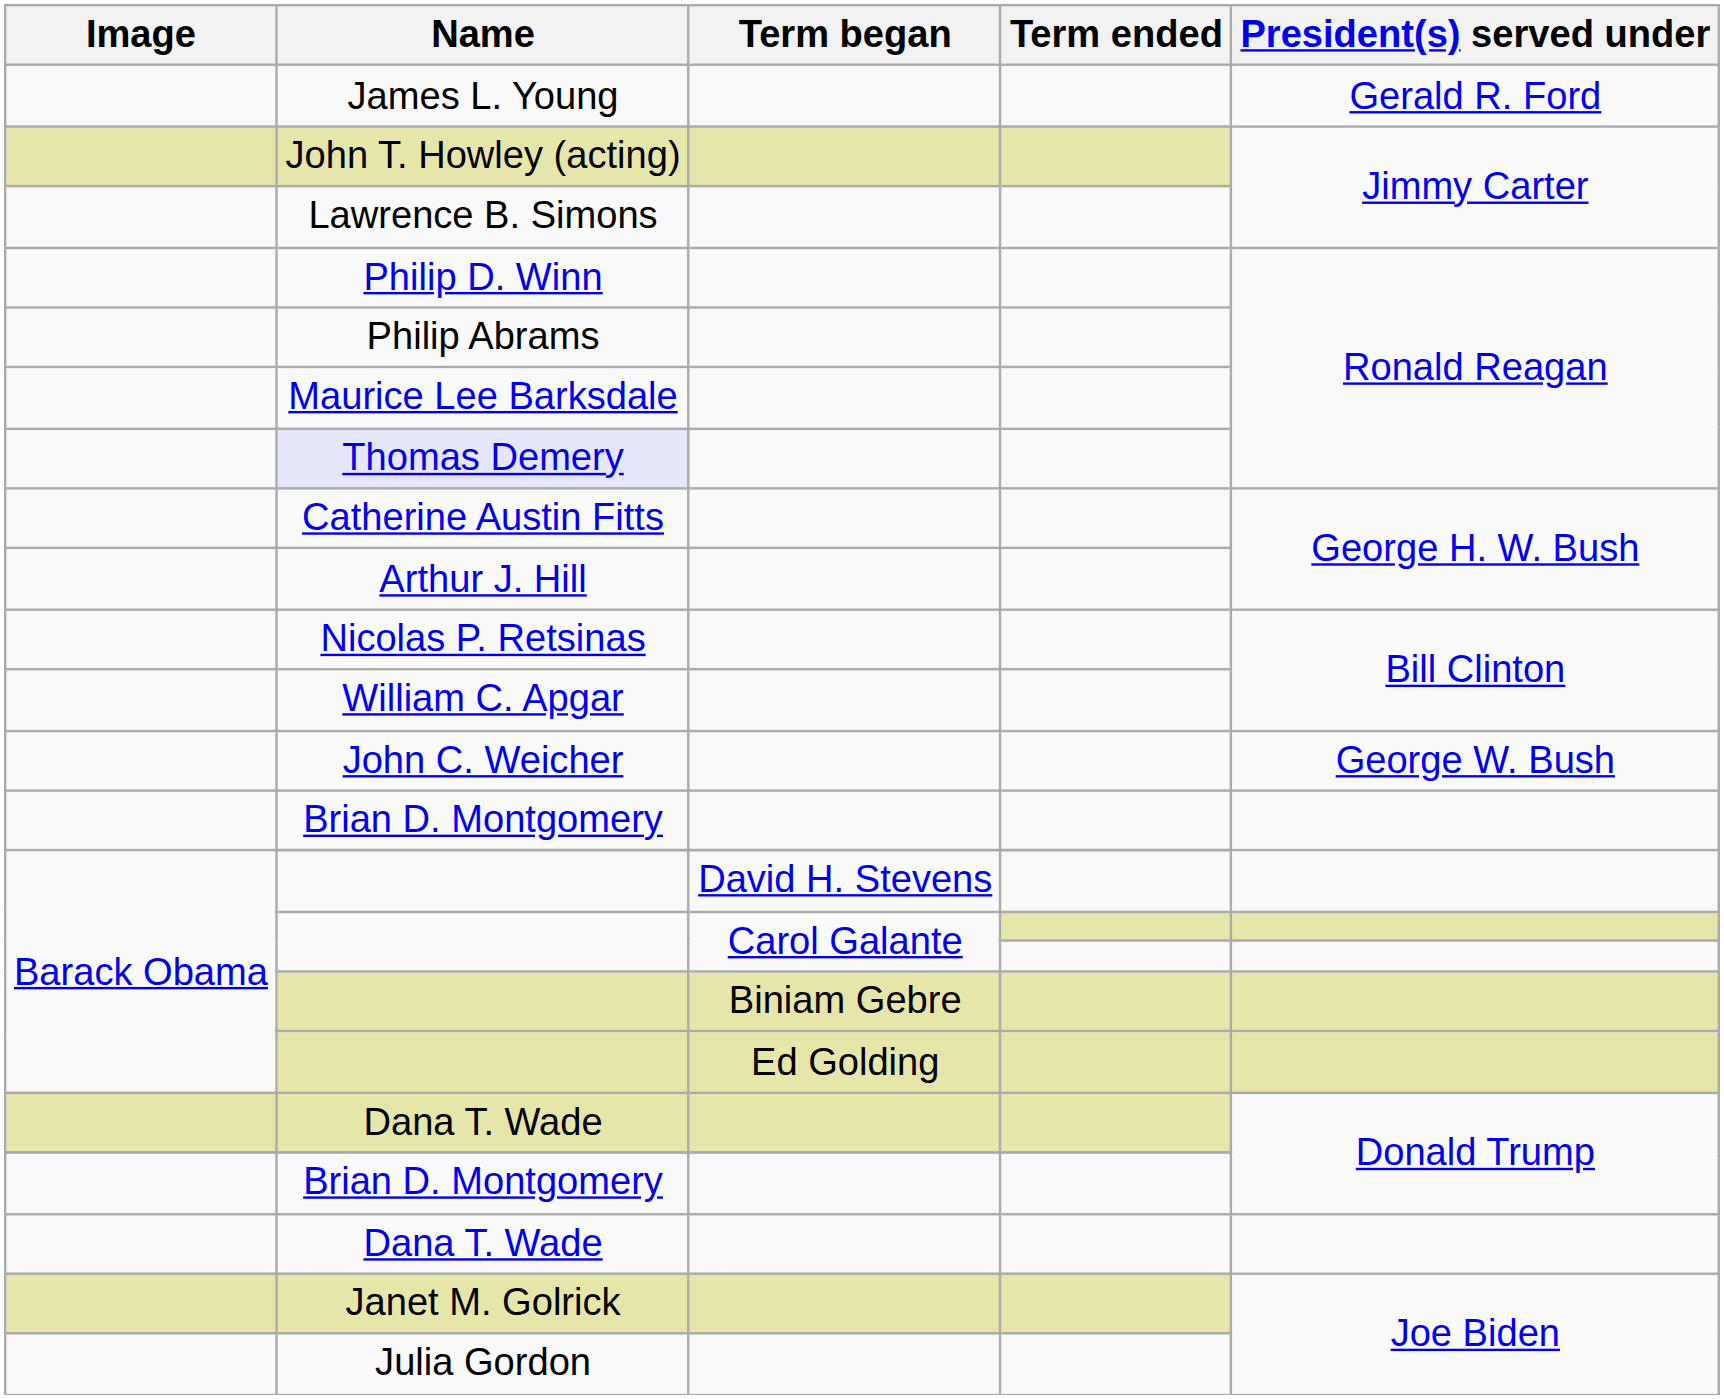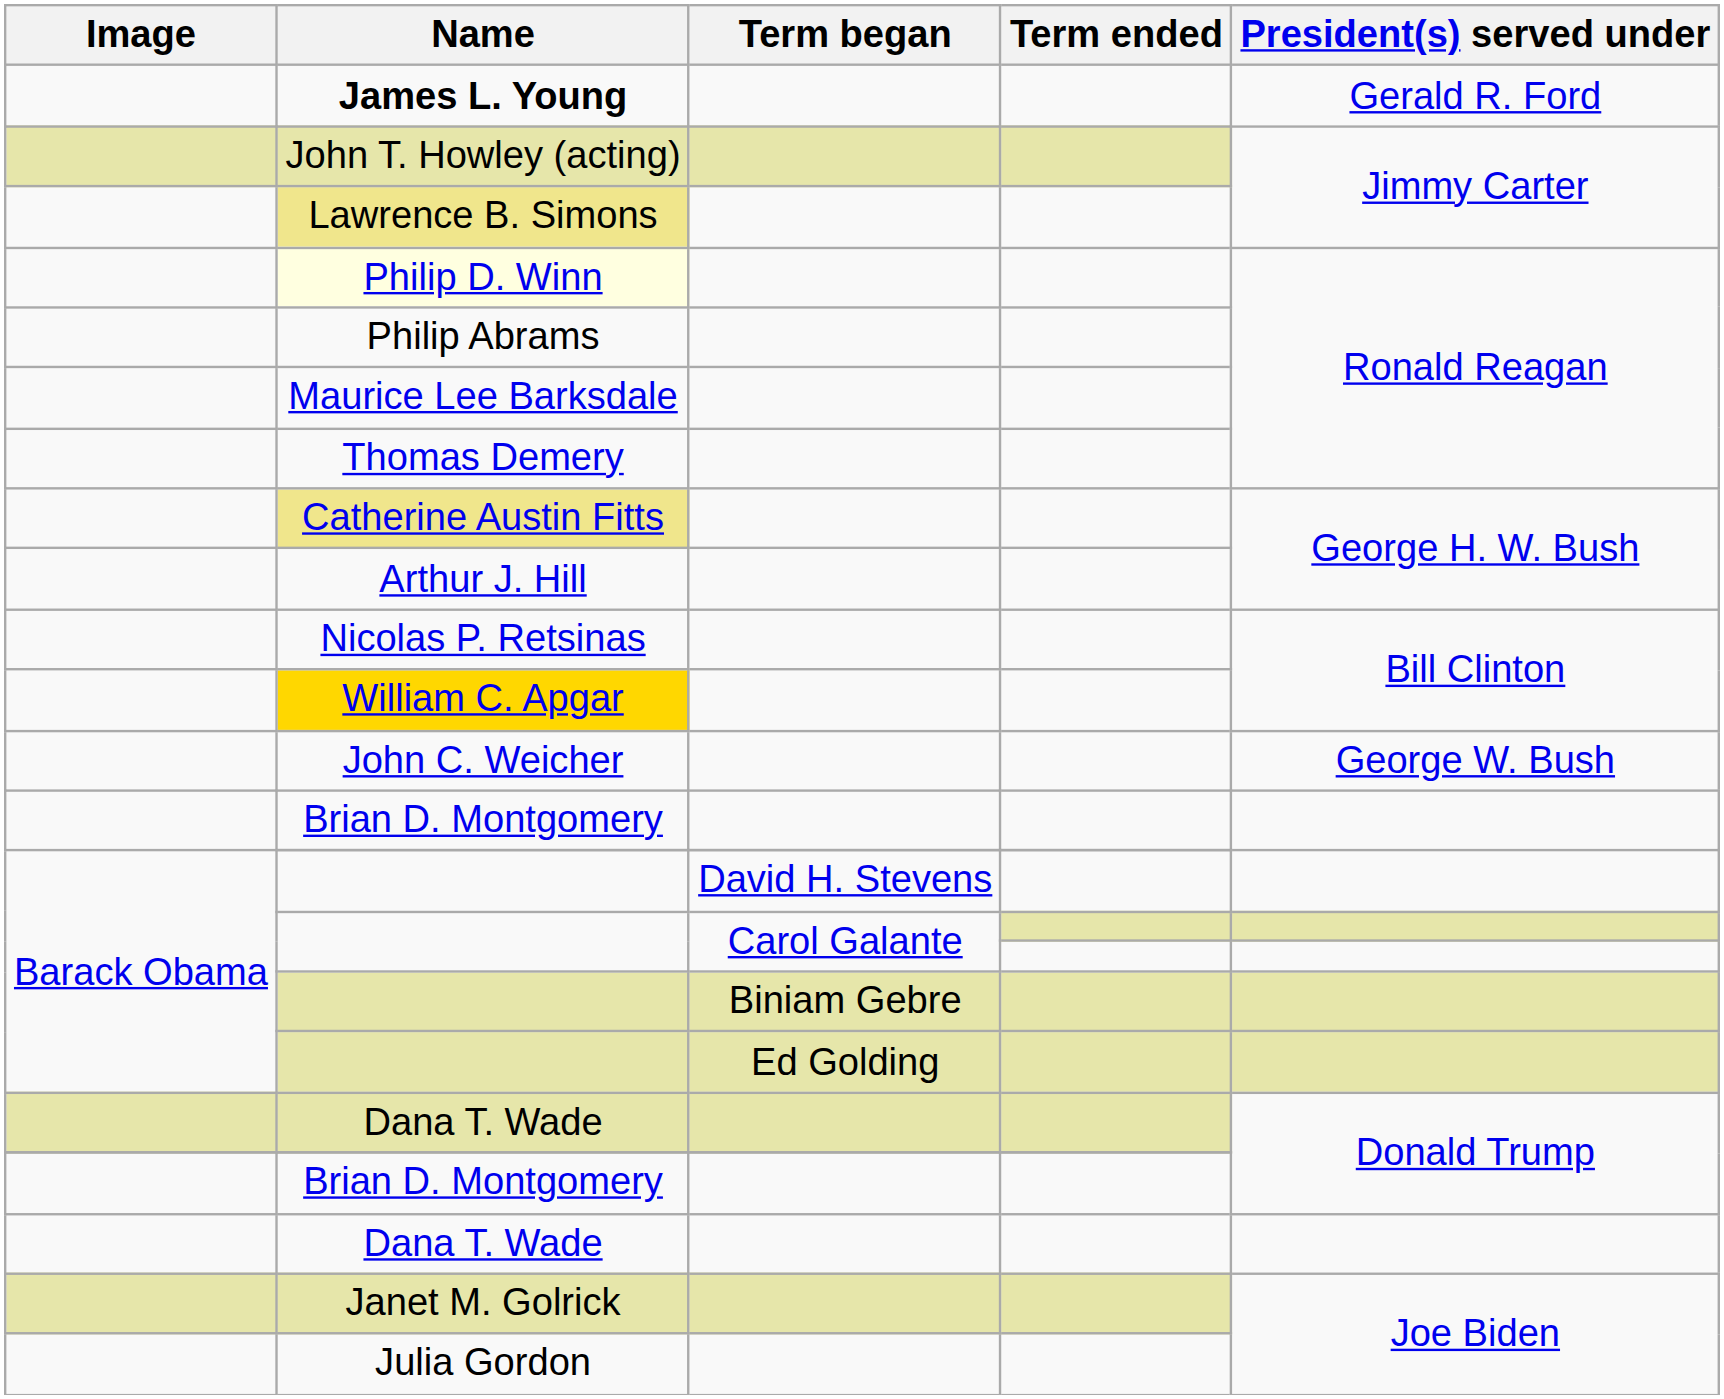 <table class="wikitable" style="text-align:center">
 <tr>
 <th>Image</th>
 <th>Name</th>
 <th>Term began</th>
 <th>Term ended</th>
 <th><a href='#'>President(s)</a> served under</th>
 </tr>
 <tr>
 <td></td>
-<td>James L. Young</td>
+<td><strong>James L. Young</strong></td>
 <td></td>
 <td></td>
 <td rowspan=2><a href='#'>Gerald R. Ford</a><br></td>
 </tr>
 <tr>
 <td style='background: #e6e6aa' rowspan=2></td>
 <td rowspan=2 style='background: #e6e6aa'>John T. Howley (acting)</td>
 <td rowspan=2 style='background: #e6e6aa'></td>
 <td rowspan=2 style='background: #e6e6aa'></td>
 </tr>
 <tr>
 <td rowspan=2><a href='#'>Jimmy Carter</a></td>
 </tr>
 <tr>
 <td></td>
-<td>Lawrence B. Simons</td>
+<td style="background: khaki;">Lawrence B. Simons</td>
 <td></td>
 <td></td>
 </tr>
 <tr>
 <td></td>
-<td><a href='#'>Philip D. Winn</a></td>
+<td style="background: lightyellow;"><a href='#'>Philip D. Winn</a></td>
 <td></td>
 <td></td>
 <td rowspan="4"><a href='#'>Ronald Reagan</a></td>
 </tr>
 <tr>
 <td></td>
 <td>Philip Abrams</td>
 <td></td>
 <td></td>
 </tr>
 <tr>
 <td></td>
 <td><a href='#'>Maurice Lee Barksdale</a></td>
 <td></td>
 <td></td>
 </tr>
 <tr>
 <td></td>
-<td style="background: lavender;"><a href='#'>Thomas Demery</a></td>
+<td><a href='#'>Thomas Demery</a></td>
 <td></td>
 <td></td>
 </tr>
 <tr>
 <td></td>
-<td><a href='#'>Catherine Austin Fitts</a></td>
+<td style="background: khaki;"><a href='#'>Catherine Austin Fitts</a></td>
 <td></td>
 <td></td>
 <td rowspan="2"><a href='#'>George H. W. Bush</a></td>
 </tr>
 <tr>
 <td></td>
 <td><a href='#'>Arthur J. Hill</a></td>
 <td></td>
 <td></td>
 </tr>
 <tr>
 <td></td>
 <td><a href='#'>Nicolas P. Retsinas</a></td>
 <td></td>
 <td></td>
 <td rowspan="2"><a href='#'>Bill Clinton</a></td>
 </tr>
 <tr>
 <td></td>
-<td><a href='#'>William C. Apgar</a></td>
+<td style="background: gold;"><a href='#'>William C. Apgar</a></td>
 <td></td>
 <td></td>
 </tr>
 <tr>
 <td></td>
 <td><a href='#'>John C. Weicher</a></td>
 <td></td>
 <td></td>
 <td rowspan=2><a href='#'>George W. Bush</a><br></td>
 </tr>
 <tr>
 <td rowspan=2></td>
 <td rowspan=2><a href='#'>Brian D. Montgomery</a></td>
 <td rowspan=2></td>
 <td rowspan=2></td>
 </tr>
 <tr>
 </tr>
 <tr>
 <td rowspan=6><a href='#'>Barack Obama</a></td>
 </tr>
 <tr>
 <td></td>
 <td><a href='#'>David H. Stevens</a></td>
 <td></td>
 <td></td>
 </tr>
 <tr>
 <td rowspan="2"></td>
 <td rowspan="2"><a href='#'>Carol Galante</a></td>
 <td style='background: #e6e6aa'></td>
 <td style='background: #e6e6aa'></td>
 </tr>
 <tr>
 <td></td>
 <td></td>
 </tr>
 <tr>
 <td style='background: #e6e6aa'></td>
 <td style='background: #e6e6aa'>Biniam Gebre</td>
 <td style='background: #e6e6aa'></td>
 <td style='background: #e6e6aa'></td>
 </tr>
 <tr>
 <td style='background: #e6e6aa'></td>
 <td style='background: #e6e6aa'>Ed Golding</td>
 <td style='background: #e6e6aa'></td>
 <td style='background: #e6e6aa'></td>
 </tr>
 <tr>
 <td style='background: #e6e6aa'></td>
 <td style='background: #e6e6aa'>Dana T. Wade</td>
 <td style='background: #e6e6aa'></td>
 <td style='background: #e6e6aa'></td>
 <td rowspan=3><a href='#'>Donald Trump</a></td>
 </tr>
 <tr>
 </tr>
 <tr>
 <td></td>
 <td><a href='#'>Brian D. Montgomery</a></td>
 <td></td>
 <td></td>
 </tr>
 <tr>
 <td></td>
 <td><a href='#'>Dana T. Wade</a></td>
 <td></td>
 <td></td>
 </tr>
 <tr>
 <td style='background: #e6e6aa'></td>
 <td style='background: #e6e6aa'>Janet M. Golrick</td>
 <td style='background: #e6e6aa'></td>
 <td style='background: #e6e6aa'></td>
 <td rowspan=2><a href='#'>Joe Biden</a></td>
 </tr>
 <tr>
 <td></td>
 <td>Julia Gordon</td>
 <td></td>
 <td></td>
 </tr>
 </table>
